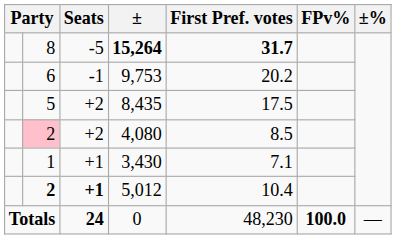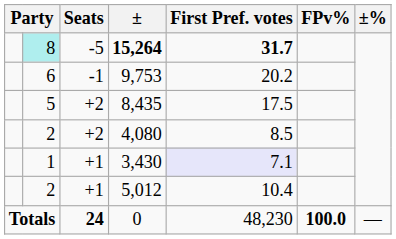 <table class=wikitable>
 <tr>
 <th colspan=2 align=center>Party</th>
 <th valign=top>Seats</th>
 <th valign=top>±</th>
 <th valign=top>First Pref. votes</th>
 <th valign=top>FPv%</th>
 <th valign=top>±%</th>
 </tr>
 <tr>
 <td></td>
-<td align=right>8</td>
+<td align=right style="background: paleturquoise;">8</td>
 <td align=right>-5</td>
 <td align=right><strong>15,264</strong></td>
 <td align=right><strong>31.7</strong></td>
 <td align=right></td>
 </tr>
 <tr>
 <td></td>
 <td align=right>6</td>
 <td align=right>-1</td>
 <td align=right>9,753</td>
 <td align=right>20.2</td>
 <td align=right></td>
 </tr>
 <tr>
 <td></td>
 <td align=right>5</td>
 <td align=right>+2</td>
 <td align=right>8,435</td>
 <td align=right>17.5</td>
 <td align=right></td>
 </tr>
 <tr>
 <td></td>
-<td align=right style="background: pink;">2</td>
+<td align=right>2</td>
 <td align=right>+2</td>
 <td align=right>4,080</td>
 <td align=right>8.5</td>
 <td align=right></td>
 </tr>
 <tr>
 <td></td>
 <td align=right>1</td>
 <td align=right>+1</td>
 <td align=right>3,430</td>
-<td align=right>7.1</td>
+<td align=right style="background: lavender;">7.1</td>
 <td align=right></td>
 </tr>
 <tr>
 <td></td>
-<td align=right><strong>2</strong></td>
-<td align=right><strong>+1</strong></td>
+<td align=right>2</td>
+<td align=right>+1</td>
 <td align=right>5,012</td>
 <td align=right>10.4</td>
 <td align=right></td>
 </tr>
 <tr>
 <td colspan=2 align=center><strong>Totals</strong></td>
 <td align=right><strong>24</strong></td>
 <td align=center>0</td>
 <td align=right>48,230</td>
 <td align=center><strong>100.0</strong></td>
 <td align=center>—</td>
 </tr>
 </table>
